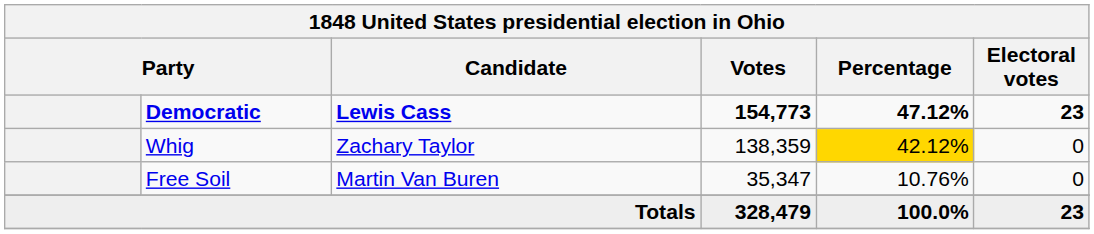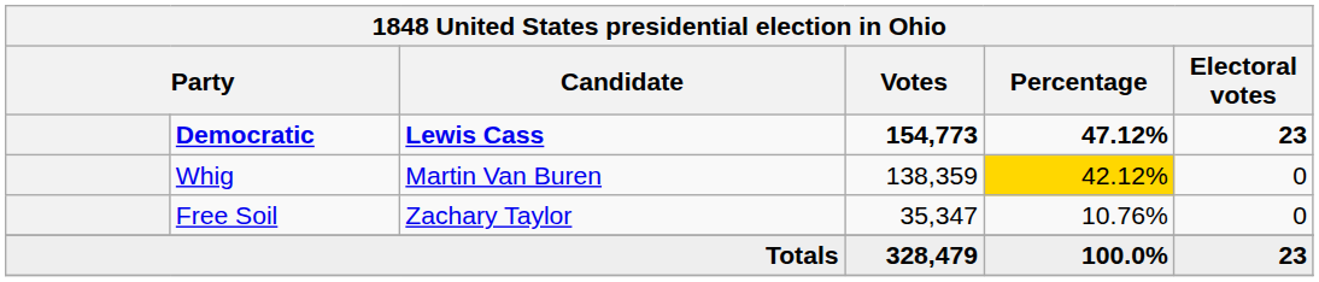 <table class="wikitable" style="font-size: 95%;">
 <tr>
 <th colspan="6">1848 United States presidential election in Ohio</th>
 </tr>
 <tr>
 <th colspan="2" style="width: 15em">Party</th>
 <th style="width: 17em">Candidate</th>
 <th style="width: 5em">Votes</th>
 <th style="width: 7em">Percentage</th>
 <th style="width: 5em">Electoral votes</th>
 </tr>
 <tr>
 <th style="background-color:"></th>
 <td style="width: 130px"><strong><a href='#'>Democratic</a></strong></td>
 <td><strong><a href='#'>Lewis Cass</a></strong></td>
 <td align="right"><strong>154,773</strong></td>
 <td align="right"><strong>47.12%</strong></td>
 <td align="right"><strong>23</strong></td>
 </tr>
 <tr>
 <th style="background-color:"></th>
 <td style="width: 130px"><a href='#'>Whig</a></td>
-<td><a href='#'>Zachary Taylor</a></td>
+<td><a href='#'>Martin Van Buren</a></td>
 <td align="right">138,359</td>
 <td align="right" style="background: gold;">42.12%</td>
 <td align="right">0</td>
 </tr>
 <tr>
 <th style="background-color:"></th>
 <td style="width: 130px"><a href='#'>Free Soil</a></td>
-<td><a href='#'>Martin Van Buren</a></td>
+<td><a href='#'>Zachary Taylor</a></td>
 <td align="right">35,347</td>
 <td align="right">10.76%</td>
 <td align="right">0</td>
 </tr>
 <tr>
 </tr>
 <tr bgcolor="#EEEEEE">
 <td colspan="3" align="right"><strong>Totals</strong></td>
 <td align="right"><strong>328,479</strong></td>
 <td align="right"><strong>100.0%</strong></td>
 <td align="right"><strong>23</strong></td>
 </tr>
 <tr>
 </tr>
 </table>
